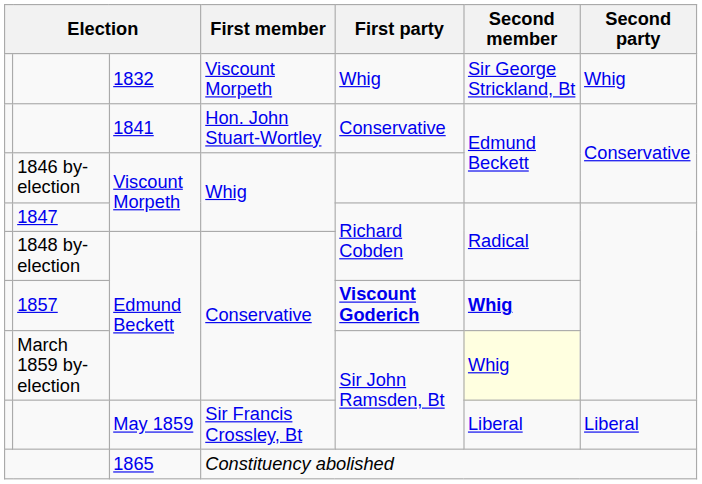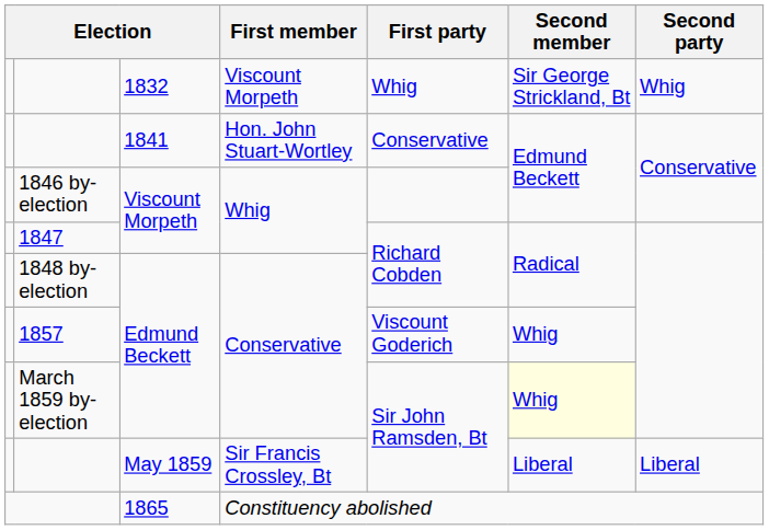 <table class="wikitable">
 <tr>
 <th colspan="3">Election</th>
 <th>First member</th>
 <th>First party</th>
 <th>Second member</th>
 <th>Second party</th>
 </tr>
 <tr>
 <td style="color:inherit;background-color: "></td>
 <td style="color:inherit;background-color: "></td>
 <td><a href='#'>1832</a></td>
 <td><a href='#'>Viscount Morpeth</a></td>
 <td><a href='#'>Whig</a></td>
 <td><a href='#'>Sir George Strickland, Bt</a></td>
 <td><a href='#'>Whig</a></td>
 </tr>
 <tr>
 <td style="color:inherit;background-color: "></td>
 <td style="color:inherit;background-color: "></td>
 <td><a href='#'>1841</a></td>
 <td><a href='#'>Hon. John Stuart-Wortley</a></td>
 <td><a href='#'>Conservative</a></td>
 <td rowspan="2"><a href='#'>Edmund Beckett</a></td>
 <td rowspan="2"><a href='#'>Conservative</a></td>
 </tr>
 <tr>
 <td style="color:inherit;background-color: "></td>
 <td>1846 by-election</td>
 <td rowspan="2"><a href='#'>Viscount Morpeth</a></td>
 <td rowspan="2"><a href='#'>Whig</a></td>
 </tr>
 <tr>
 <td style="color:inherit;background-color: "></td>
 <td><a href='#'>1847</a></td>
 <td rowspan="2"><a href='#'>Richard Cobden</a></td>
 <td rowspan="2"><a href='#'>Radical</a></td>
 </tr>
 <tr>
 <td style="color:inherit;background-color: "></td>
 <td>1848 by-election</td>
 <td rowspan="3"><a href='#'>Edmund Beckett</a></td>
 <td rowspan="3"><a href='#'>Conservative</a></td>
 </tr>
 <tr>
 <td style="color:inherit;background-color: "></td>
 <td><a href='#'>1857</a></td>
-<td><strong><a href='#'>Viscount Goderich</a></strong></td>
-<td><strong><a href='#'>Whig</a></strong></td>
+<td><a href='#'>Viscount Goderich</a></td>
+<td><a href='#'>Whig</a></td>
 </tr>
 <tr>
 <td style="color:inherit;background-color: "></td>
 <td>March 1859 by-election</td>
 <td rowspan="2"><a href='#'>Sir John Ramsden, Bt</a></td>
 <td style="background: lightyellow;"><a href='#'>Whig</a></td>
 </tr>
 <tr>
 <td style="color:inherit;background-color: "></td>
 <td style="color:inherit;background-color: "></td>
 <td><a href='#'>May 1859</a></td>
 <td><a href='#'>Sir Francis Crossley, Bt</a></td>
 <td><a href='#'>Liberal</a></td>
 <td><a href='#'>Liberal</a></td>
 </tr>
 <tr>
 <td colspan="2"></td>
 <td><a href='#'>1865</a></td>
 <td colspan="4"><em>Constituency abolished</em></td>
 </tr>
 </table>
